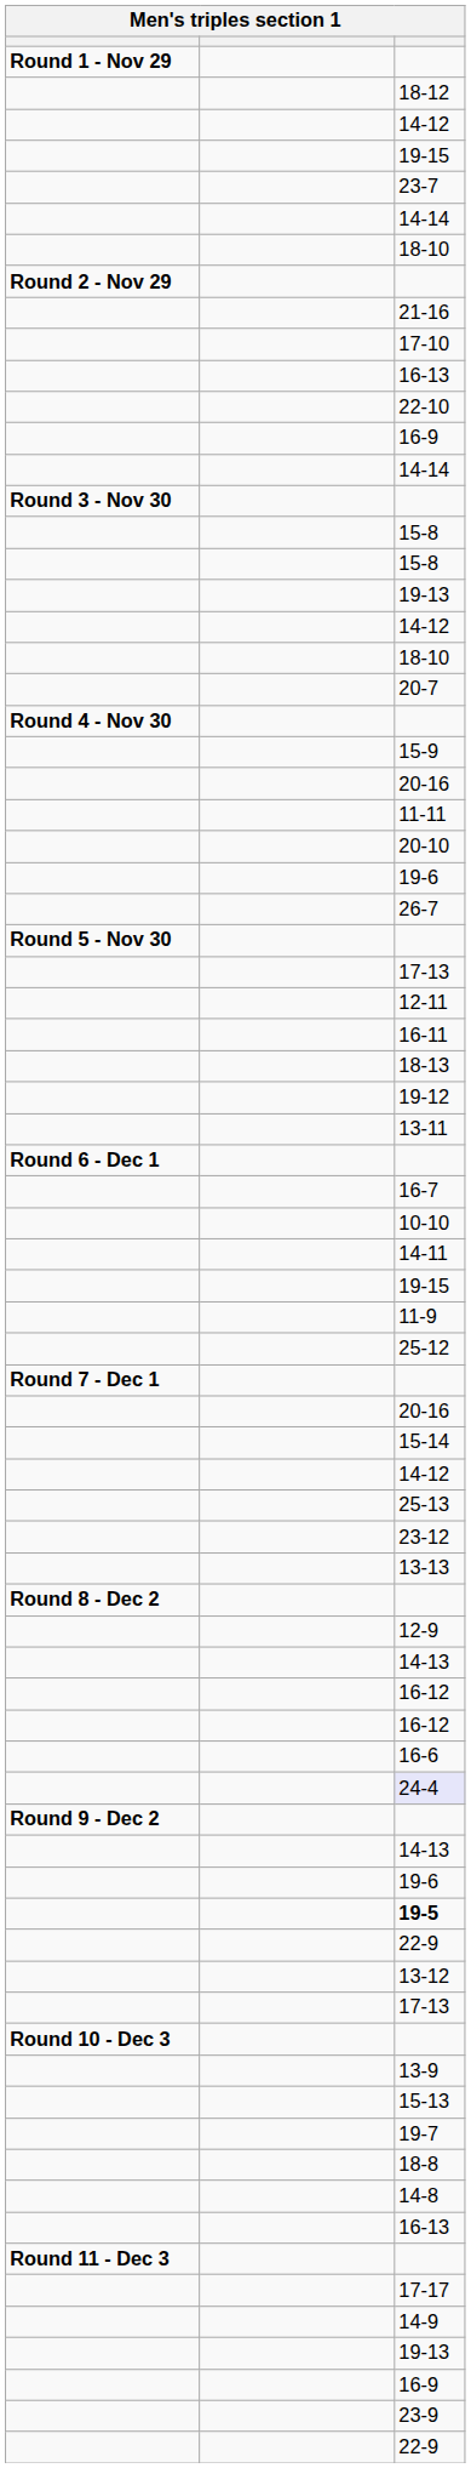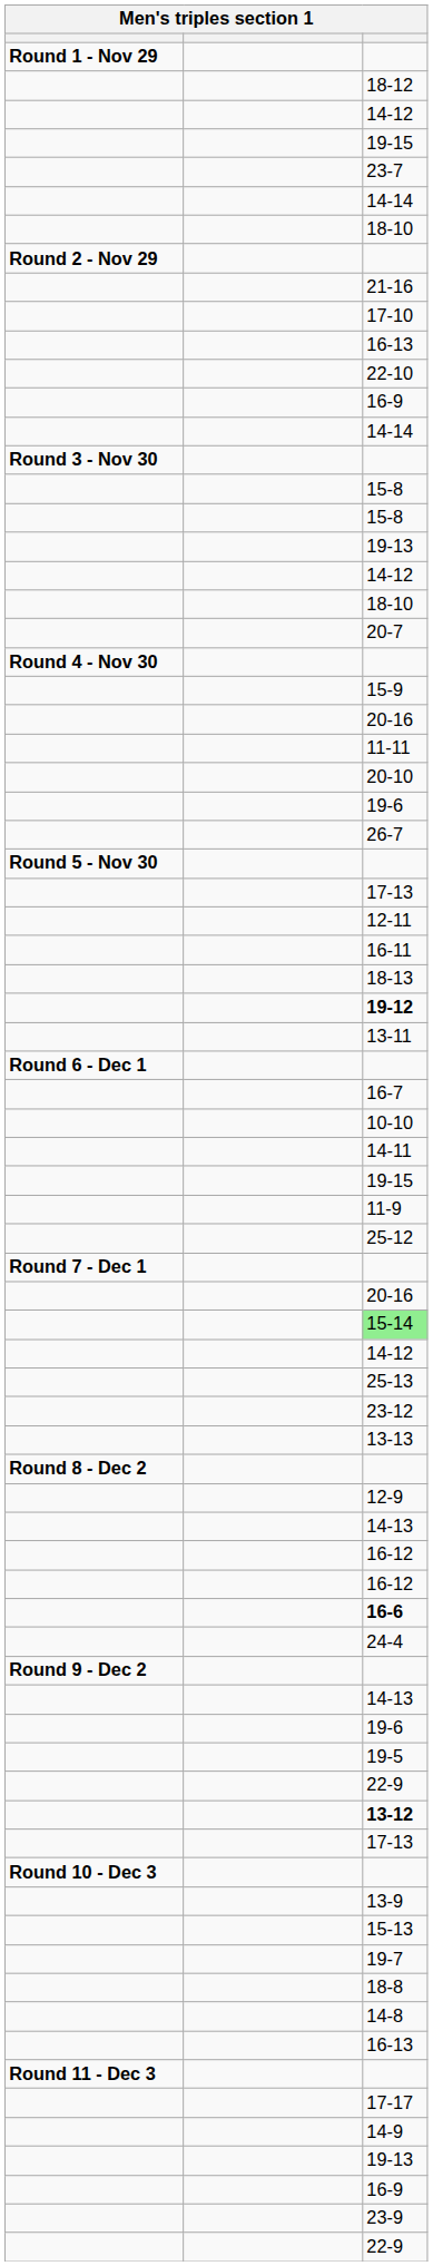 <table class="wikitable">
 <tr>
 <th colspan="3">Men's triples section 1</th>
 </tr>
 <tr>
 <th width=150></th>
 <th width=150></th>
 <th width=50></th>
 </tr>
 <tr>
 <td><strong>Round 1 - Nov 29</strong></td>
 <td></td>
 <td></td>
 </tr>
 <tr>
 <td></td>
 <td></td>
 <td>18-12</td>
 </tr>
 <tr>
 <td></td>
 <td></td>
 <td>14-12</td>
 </tr>
 <tr>
 <td></td>
 <td></td>
 <td>19-15</td>
 </tr>
 <tr>
 <td></td>
 <td></td>
 <td>23-7</td>
 </tr>
 <tr>
 <td></td>
 <td></td>
 <td>14-14</td>
 </tr>
 <tr>
 <td></td>
 <td></td>
 <td>18-10</td>
 </tr>
 <tr>
 <td><strong>Round 2 - Nov 29</strong></td>
 <td></td>
 <td></td>
 </tr>
 <tr>
 <td></td>
 <td></td>
 <td>21-16</td>
 </tr>
 <tr>
 <td></td>
 <td></td>
 <td>17-10</td>
 </tr>
 <tr>
 <td></td>
 <td></td>
 <td>16-13</td>
 </tr>
 <tr>
 <td></td>
 <td></td>
 <td>22-10</td>
 </tr>
 <tr>
 <td></td>
 <td></td>
 <td>16-9</td>
 </tr>
 <tr>
 <td></td>
 <td></td>
 <td>14-14</td>
 </tr>
 <tr>
 <td><strong>Round 3 - Nov 30</strong></td>
 <td></td>
 <td></td>
 </tr>
 <tr>
 <td></td>
 <td></td>
 <td>15-8</td>
 </tr>
 <tr>
 <td></td>
 <td></td>
 <td>15-8</td>
 </tr>
 <tr>
 <td></td>
 <td></td>
 <td>19-13</td>
 </tr>
 <tr>
 <td></td>
 <td></td>
 <td>14-12</td>
 </tr>
 <tr>
 <td></td>
 <td></td>
 <td>18-10</td>
 </tr>
 <tr>
 <td></td>
 <td></td>
 <td>20-7</td>
 </tr>
 <tr>
 <td><strong>Round 4 - Nov 30</strong></td>
 <td></td>
 <td></td>
 </tr>
 <tr>
 <td></td>
 <td></td>
 <td>15-9</td>
 </tr>
 <tr>
 <td></td>
 <td></td>
 <td>20-16</td>
 </tr>
 <tr>
 <td></td>
 <td></td>
 <td>11-11</td>
 </tr>
 <tr>
 <td></td>
 <td></td>
 <td>20-10</td>
 </tr>
 <tr>
 <td></td>
 <td></td>
 <td>19-6</td>
 </tr>
 <tr>
 <td></td>
 <td></td>
 <td>26-7</td>
 </tr>
 <tr>
 <td><strong>Round 5 - Nov 30</strong></td>
 <td></td>
 <td></td>
 </tr>
 <tr>
 <td></td>
 <td></td>
 <td>17-13</td>
 </tr>
 <tr>
 <td></td>
 <td></td>
 <td>12-11</td>
 </tr>
 <tr>
 <td></td>
 <td></td>
 <td>16-11</td>
 </tr>
 <tr>
 <td></td>
 <td></td>
 <td>18-13</td>
 </tr>
 <tr>
 <td></td>
 <td></td>
-<td>19-12</td>
+<td><strong>19-12</strong></td>
 </tr>
 <tr>
 <td></td>
 <td></td>
 <td>13-11</td>
 </tr>
 <tr>
 <td><strong>Round 6  - Dec 1</strong></td>
 <td></td>
 <td></td>
 </tr>
 <tr>
 <td></td>
 <td></td>
 <td>16-7</td>
 </tr>
 <tr>
 <td></td>
 <td></td>
 <td>10-10</td>
 </tr>
 <tr>
 <td></td>
 <td></td>
 <td>14-11</td>
 </tr>
 <tr>
 <td></td>
 <td></td>
 <td>19-15</td>
 </tr>
 <tr>
 <td></td>
 <td></td>
 <td>11-9</td>
 </tr>
 <tr>
 <td></td>
 <td></td>
 <td>25-12</td>
 </tr>
 <tr>
 <td><strong>Round 7 - Dec 1</strong></td>
 <td></td>
 <td></td>
 </tr>
 <tr>
 <td></td>
 <td></td>
 <td>20-16</td>
 </tr>
 <tr>
 <td></td>
 <td></td>
-<td>15-14</td>
+<td style="background: lightgreen;">15-14</td>
 </tr>
 <tr>
 <td></td>
 <td></td>
 <td>14-12</td>
 </tr>
 <tr>
 <td></td>
 <td></td>
 <td>25-13</td>
 </tr>
 <tr>
 <td></td>
 <td></td>
 <td>23-12</td>
 </tr>
 <tr>
 <td></td>
 <td></td>
 <td>13-13</td>
 </tr>
 <tr>
 <td><strong>Round 8 - Dec 2</strong></td>
 <td></td>
 <td></td>
 </tr>
 <tr>
 <td></td>
 <td></td>
 <td>12-9</td>
 </tr>
 <tr>
 <td></td>
 <td></td>
 <td>14-13</td>
 </tr>
 <tr>
 <td></td>
 <td></td>
 <td>16-12</td>
 </tr>
 <tr>
 <td></td>
 <td></td>
 <td>16-12</td>
 </tr>
 <tr>
 <td></td>
 <td></td>
-<td>16-6</td>
+<td><strong>16-6</strong></td>
 </tr>
 <tr>
 <td></td>
 <td></td>
-<td style="background: lavender;">24-4</td>
+<td>24-4</td>
 </tr>
 <tr>
 <td><strong>Round 9 - Dec 2</strong></td>
 <td></td>
 <td></td>
 </tr>
 <tr>
 <td></td>
 <td></td>
 <td>14-13</td>
 </tr>
 <tr>
 <td></td>
 <td></td>
 <td>19-6</td>
 </tr>
 <tr>
 <td></td>
 <td></td>
-<td><strong>19-5</strong></td>
+<td>19-5</td>
 </tr>
 <tr>
 <td></td>
 <td></td>
 <td>22-9</td>
 </tr>
 <tr>
 <td></td>
 <td></td>
-<td>13-12</td>
+<td><strong>13-12</strong></td>
 </tr>
 <tr>
 <td></td>
 <td></td>
 <td>17-13</td>
 </tr>
 <tr>
 <td><strong>Round 10 - Dec 3</strong></td>
 <td></td>
 <td></td>
 </tr>
 <tr>
 <td></td>
 <td></td>
 <td>13-9</td>
 </tr>
 <tr>
 <td></td>
 <td></td>
 <td>15-13</td>
 </tr>
 <tr>
 <td></td>
 <td></td>
 <td>19-7</td>
 </tr>
 <tr>
 <td></td>
 <td></td>
 <td>18-8</td>
 </tr>
 <tr>
 <td></td>
 <td></td>
 <td>14-8</td>
 </tr>
 <tr>
 <td></td>
 <td></td>
 <td>16-13</td>
 </tr>
 <tr>
 <td><strong>Round 11 - Dec 3</strong></td>
 <td></td>
 <td></td>
 </tr>
 <tr>
 <td></td>
 <td></td>
 <td>17-17</td>
 </tr>
 <tr>
 <td></td>
 <td></td>
 <td>14-9</td>
 </tr>
 <tr>
 <td></td>
 <td></td>
 <td>19-13</td>
 </tr>
 <tr>
 <td></td>
 <td></td>
 <td>16-9</td>
 </tr>
 <tr>
 <td></td>
 <td></td>
 <td>23-9</td>
 </tr>
 <tr>
 <td></td>
 <td></td>
 <td>22-9</td>
 </tr>
 <tr>
 </tr>
 </table>
